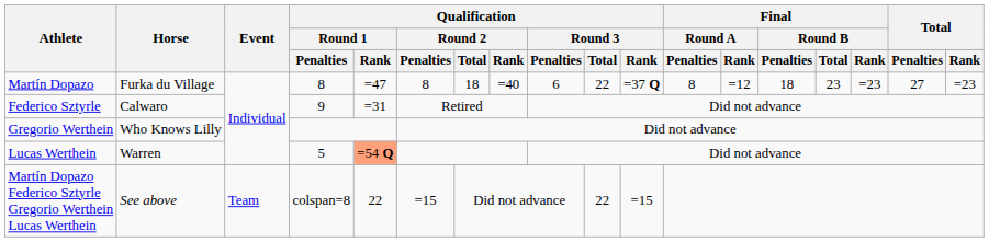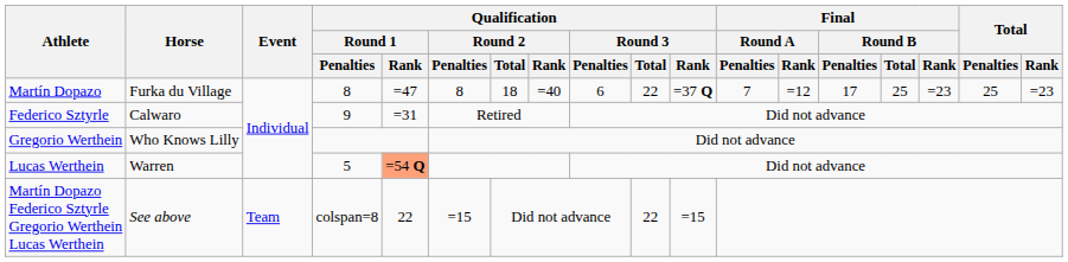 <table class="wikitable" style="font-size:90%">
 <tr>
 <th rowspan="3">Athlete</th>
 <th rowspan="3">Horse</th>
 <th rowspan="3">Event</th>
 <th colspan="8">Qualification</th>
 <th colspan="5">Final</th>
 <th rowspan=2 colspan="2">Total</th>
 </tr>
 <tr style="font-size:95%">
 <th colspan="2">Round 1</th>
 <th colspan="3">Round 2</th>
 <th colspan="3">Round 3</th>
 <th colspan="2">Round A</th>
 <th colspan="3">Round B</th>
 </tr>
 <tr style="font-size:95%">
 <th>Penalties</th>
 <th>Rank</th>
 <th>Penalties</th>
 <th>Total</th>
 <th>Rank</th>
 <th>Penalties</th>
 <th>Total</th>
 <th>Rank</th>
 <th>Penalties</th>
 <th>Rank</th>
 <th>Penalties</th>
 <th>Total</th>
 <th>Rank</th>
 <th>Penalties</th>
 <th>Rank</th>
 </tr>
 <tr align=center>
 <td align=left><a href='#'>Martín Dopazo</a></td>
 <td align=left>Furka du Village</td>
 <td align=left rowspan=4><a href='#'>Individual</a></td>
 <td>8</td>
 <td>=47</td>
 <td>8</td>
 <td>18</td>
 <td>=40</td>
 <td>6</td>
 <td>22</td>
 <td>=37 <strong>Q</strong></td>
-<td>8</td>
+<td>7</td>
 <td>=12</td>
-<td>18</td>
-<td>23</td>
+<td>17</td>
+<td>25</td>
 <td>=23</td>
-<td>27</td>
+<td>25</td>
 <td>=23</td>
 </tr>
 <tr align=center>
 <td align=left><a href='#'>Federico Sztyrle</a></td>
 <td align=left>Calwaro</td>
 <td>9</td>
 <td>=31</td>
 <td colspan=3>Retired</td>
 <td colspan=10>Did not advance</td>
 </tr>
 <tr align=center>
 <td align=left><a href='#'>Gregorio Werthein</a></td>
 <td align=left>Who Knows Lilly</td>
 <td colspan=2></td>
 <td colspan=13>Did not advance</td>
 </tr>
 <tr align=center>
 <td align=left><a href='#'>Lucas Werthein</a></td>
 <td align=left>Warren</td>
 <td>5</td>
 <td style="background: lightsalmon;">=54 <strong>Q</strong></td>
 <td colspan=3></td>
 <td colspan=10>Did not advance</td>
 </tr>
 <tr align=center>
 <td align=left><a href='#'>Martín Dopazo</a><br><a href='#'>Federico Sztyrle</a><br><a href='#'>Gregorio Werthein</a><br><a href='#'>Lucas Werthein</a></td>
 <td align=left><em>See above</em></td>
 <td align=left><a href='#'>Team</a></td>
 <td>colspan=8 </td>
 <td>22</td>
 <td>=15</td>
 <td colspan=3>Did not advance</td>
 <td>22</td>
 <td>=15</td>
 </tr>
 </table>
